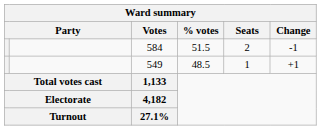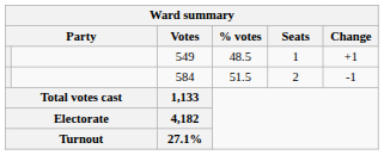 <table class="wikitable" style="font-size: 95%;">
 <tr style="background-color:#E9E9E9">
 <th colspan="6">Ward summary</th>
 </tr>
 <tr style="background-color:#E9E9E9">
 <th colspan="2">Party</th>
 <th style="width: 60px">Votes</th>
 <th style="width: 60px">% votes</th>
 <th style="width: 60px">Seats</th>
 <th style="width: 60px">Change</th>
 </tr>
 <tr>
 <th style="background-color: "></th>
 <td style="width: 170px"><a href='#'></a></td>
+<td align="center">549</td>
+<td align="center">48.5</td>
+<td align="center">1</td>
+<td align="center">+1</td>
+</tr>
+<tr>
+<th style="background-color: "></th>
+<td style="width: 170px"><a href='#'></a></td>
 <td align="center">584</td>
 <td align="center">51.5</td>
 <td align="center">2</td>
 <td align="center">-1</td>
-</tr>
-<tr>
-<th style="background-color: "></th>
-<td style="width: 170px"><a href='#'></a></td>
-<td align="center">549</td>
-<td align="center">48.5</td>
-<td align="center">1</td>
-<td align="center">+1</td>
 </tr>
 <tr style="background-color:#E9E9E9">
 <th colspan="2">Total votes cast</th>
 <th style="width: 60px">1,133</th>
 </tr>
 <tr style="background-color:#E9E9E9">
 <th colspan="2">Electorate</th>
 <th style="width: 60px">4,182</th>
 </tr>
 <tr style="background-color:#E9E9E9">
 <th colspan="2">Turnout</th>
 <th style="width: 60px">27.1%</th>
 </tr>
 </table>
